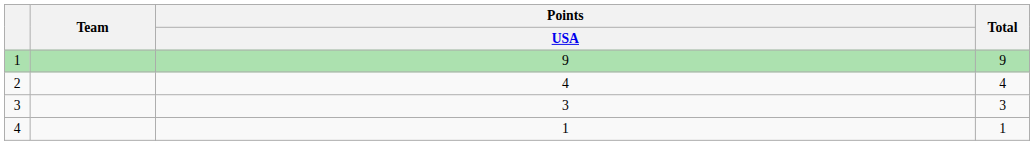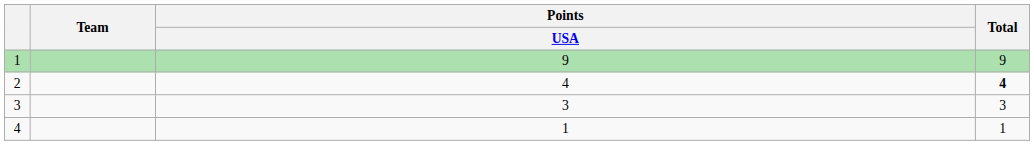 <table class="wikitable" style="font-size: 90%; text-align:center; table-layout:fixed; width:75em">
 <tr>
 <th rowspan=2 width=20></th>
 <th rowspan=2 width=125>Team</th>
 <th colspan=1>Points</th>
 <th rowspan=2 width=50>Total</th>
 </tr>
 <tr valign="top">
 <th><a href='#'>USA</a><br></th>
 </tr>
 <tr bgcolor=#ACE1AF>
 <td align=center>1</td>
 <td></td>
 <td align=center>9</td>
 <td align=center>9</td>
 </tr>
 <tr>
 <td align=center>2</td>
 <td></td>
 <td align=center>4</td>
-<td align=center>4</td>
+<td align=center><strong>4</strong></td>
 </tr>
 <tr>
 <td align=center>3</td>
 <td></td>
 <td align=center>3</td>
 <td align=center>3</td>
 </tr>
 <tr>
 <td align=center>4</td>
 <td></td>
 <td align=center>1</td>
 <td align=center>1</td>
 </tr>
 </table>
